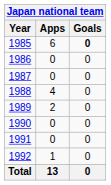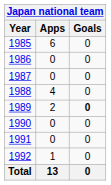 <table class="wikitable" style="text-align:center">
 <tr>
 <th colspan=3><a href='#'>Japan national team</a></th>
 </tr>
 <tr>
 <th>Year</th>
 <th>Apps</th>
 <th>Goals</th>
 </tr>
 <tr>
 <td><a href='#'>1985</a></td>
 <td>6</td>
-<td><strong>0</strong></td>
+<td>0</td>
 </tr>
 <tr>
 <td><a href='#'>1986</a></td>
 <td>0</td>
 <td>0</td>
 </tr>
 <tr>
 <td><a href='#'>1987</a></td>
 <td>0</td>
 <td>0</td>
 </tr>
 <tr>
 <td><a href='#'>1988</a></td>
 <td>4</td>
 <td>0</td>
 </tr>
 <tr>
 <td><a href='#'>1989</a></td>
 <td>2</td>
-<td>0</td>
+<td><strong>0</strong></td>
 </tr>
 <tr>
 <td><a href='#'>1990</a></td>
 <td>0</td>
 <td>0</td>
 </tr>
 <tr>
 <td><a href='#'>1991</a></td>
 <td>0</td>
 <td>0</td>
 </tr>
 <tr>
 <td><a href='#'>1992</a></td>
 <td>1</td>
 <td>0</td>
 </tr>
 <tr>
 <th>Total</th>
 <th>13</th>
 <th>0</th>
 </tr>
 </table>
